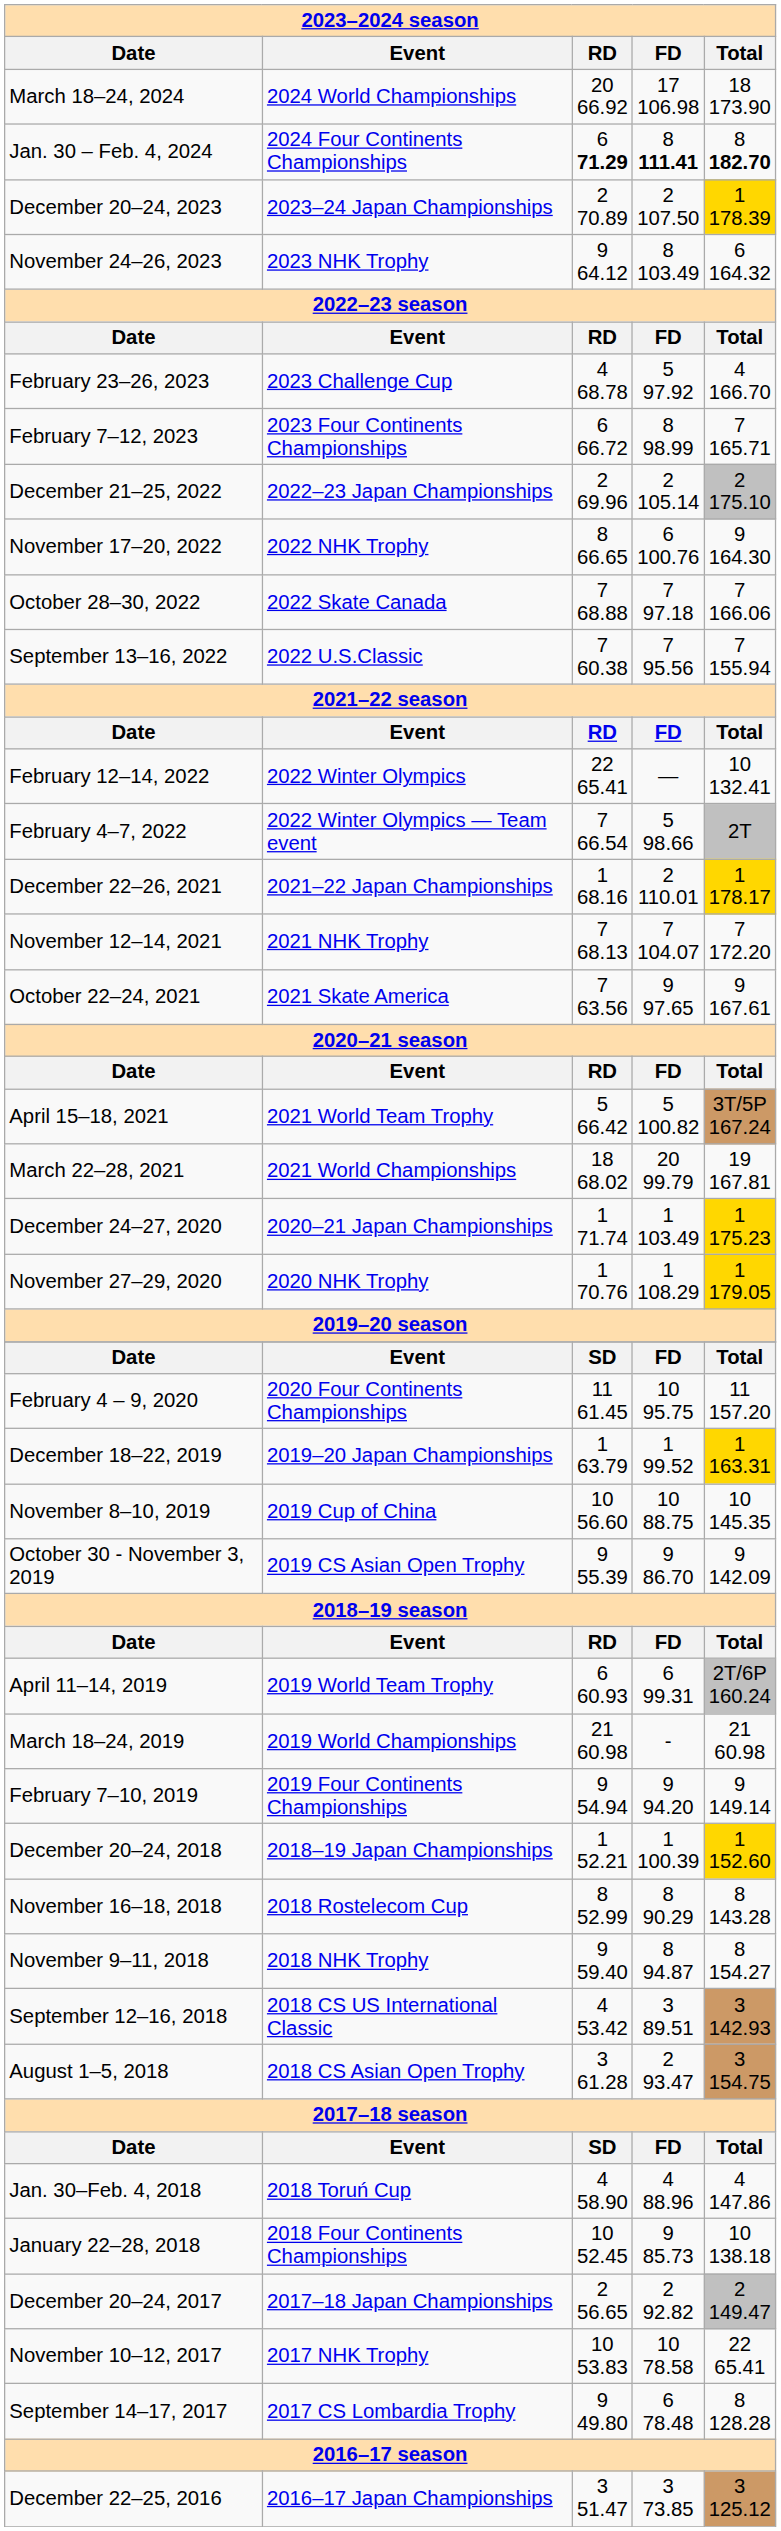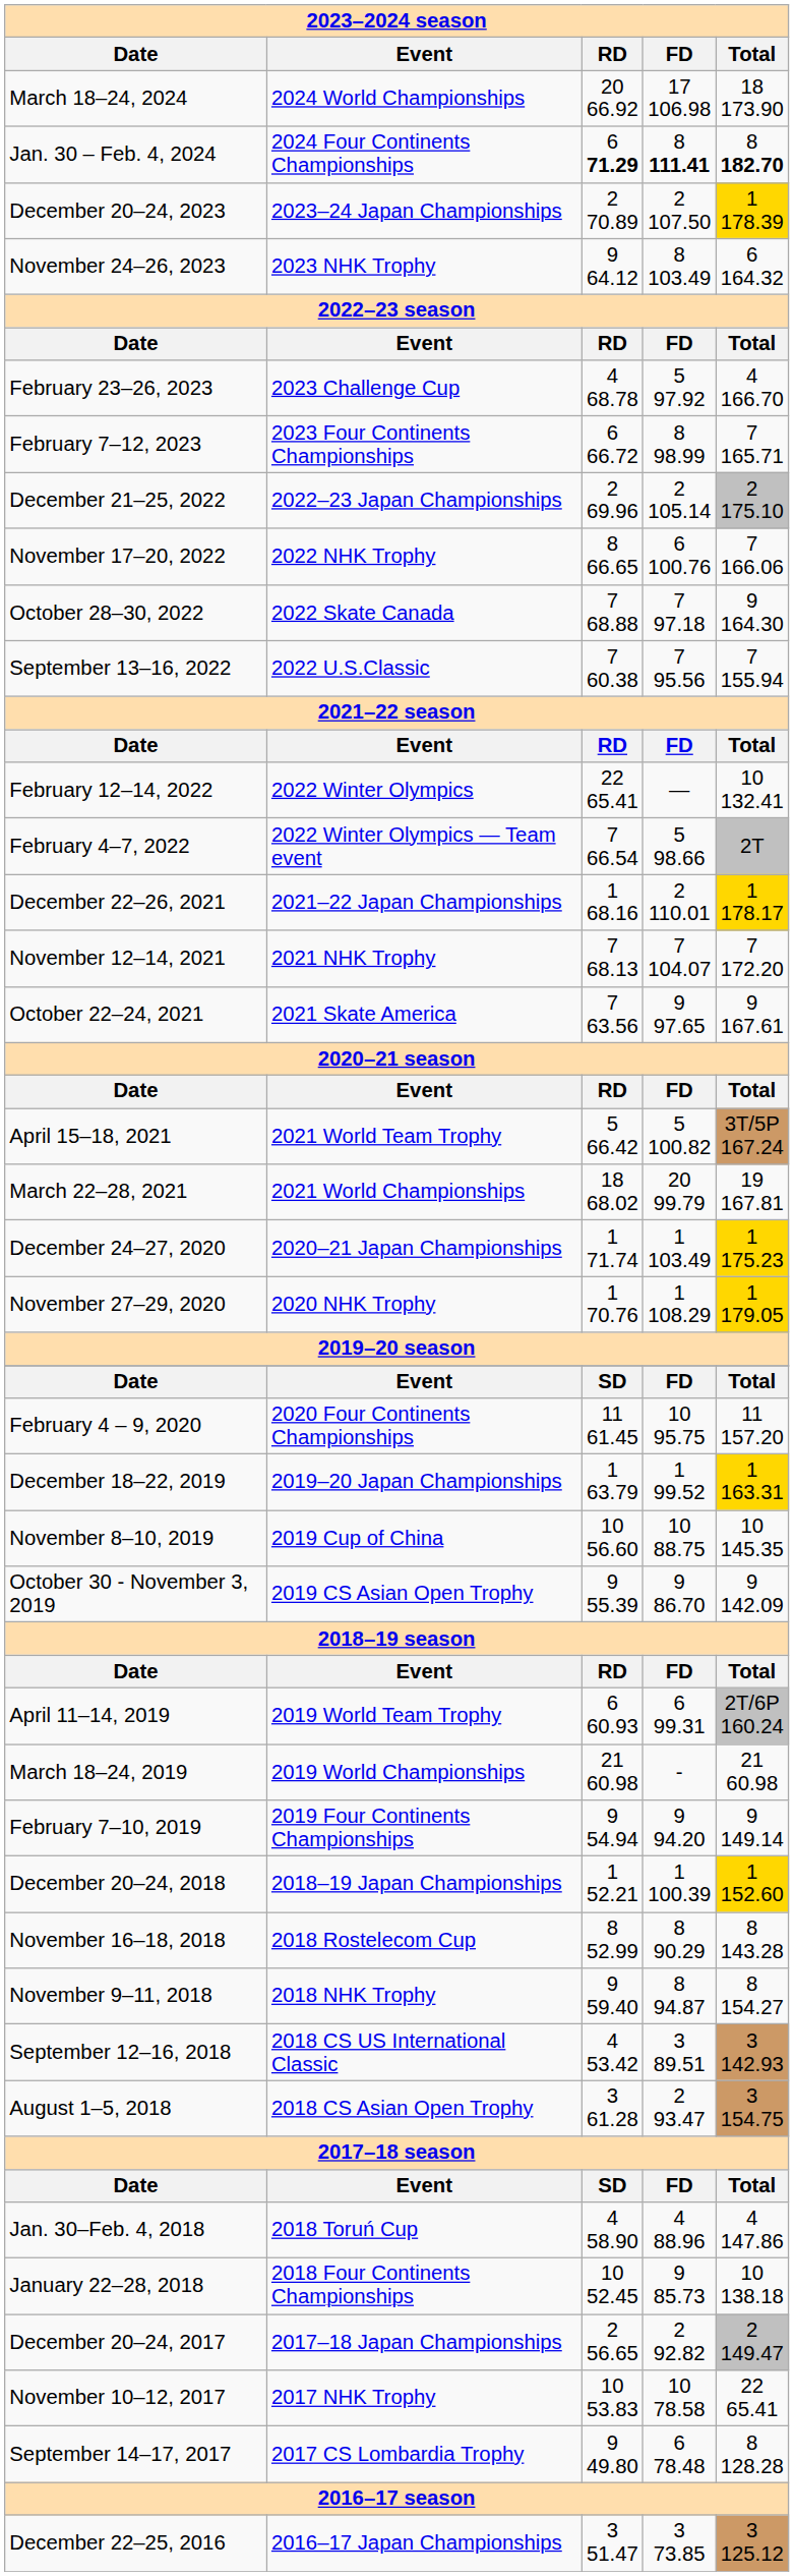 <table class="wikitable">
 <tr>
 <th style="background-color: #ffdead; " colspan=5 align=center><a href='#'><strong>2023–2024 season</strong></a></th>
 </tr>
 <tr>
 <th>Date</th>
 <th>Event</th>
 <th>RD</th>
 <th>FD</th>
 <th>Total</th>
 </tr>
 <tr>
 <td>March 18–24, 2024</td>
 <td><a href='#'>2024 World Championships</a></td>
 <td align=center>20 <br> 66.92</td>
 <td align=center>17 <br> 106.98</td>
 <td align=center>18 <br> 173.90</td>
 </tr>
 <tr>
 <td>Jan. 30 – Feb. 4, 2024</td>
 <td><a href='#'>2024 Four Continents Championships</a></td>
 <td align=center>6 <br> <strong>71.29</strong></td>
 <td align=center>8 <br> <strong>111.41</strong></td>
 <td align=center>8 <br> <strong>182.70</strong></td>
 </tr>
 <tr>
 <td>December 20–24, 2023</td>
 <td><a href='#'>2023–24 Japan Championships</a></td>
 <td align=center>2 <br> 70.89</td>
 <td align=center>2 <br> 107.50</td>
 <td align=center bgcolor=gold>1 <br> 178.39</td>
 </tr>
 <tr>
 <td>November 24–26, 2023</td>
 <td><a href='#'>2023 NHK Trophy</a></td>
 <td align=center>9 <br> 64.12</td>
 <td align=center>8 <br> 103.49</td>
 <td align=center>6 <br> 164.32</td>
 </tr>
 <tr>
 <th style="background-color: #ffdead; " colspan=5 align=center><a href='#'>2022–23 season</a></th>
 </tr>
 <tr>
 <th>Date</th>
 <th>Event</th>
 <th>RD</th>
 <th>FD</th>
 <th>Total</th>
 </tr>
 <tr>
 <td>February 23–26, 2023</td>
 <td><a href='#'>2023 Challenge Cup</a></td>
 <td align=center>4 <br> 68.78</td>
 <td align=center>5 <br> 97.92</td>
 <td align=center>4 <br> 166.70</td>
 </tr>
 <tr>
 <td>February 7–12, 2023</td>
 <td><a href='#'>2023 Four Continents Championships</a></td>
 <td align=center>6 <br> 66.72</td>
 <td align=center>8 <br> 98.99</td>
 <td align=center>7 <br> 165.71</td>
 </tr>
 <tr>
 <td>December 21–25, 2022</td>
 <td><a href='#'>2022–23 Japan Championships</a></td>
 <td align=center>2 <br> 69.96</td>
 <td align=center>2 <br> 105.14</td>
 <td align=center bgcolor=silver>2 <br> 175.10</td>
 </tr>
 <tr>
 <td>November 17–20, 2022</td>
 <td><a href='#'>2022 NHK Trophy</a></td>
 <td align=center>8 <br> 66.65</td>
 <td align=center>6 <br> 100.76</td>
-<td align=center>9 <br> 164.30</td>
+<td align=center>7 <br> 166.06</td>
 </tr>
 <tr>
 <td>October 28–30, 2022</td>
 <td><a href='#'>2022 Skate Canada</a></td>
 <td align=center>7 <br> 68.88</td>
 <td align=center>7 <br> 97.18</td>
-<td align=center>7 <br> 166.06</td>
+<td align=center>9 <br> 164.30</td>
 </tr>
 <tr>
 <td>September 13–16, 2022</td>
 <td><a href='#'>2022 U.S.Classic</a></td>
 <td align=center>7 <br> 60.38</td>
 <td align=center>7 <br> 95.56</td>
 <td align=center>7 <br> 155.94</td>
 </tr>
 <tr>
 <td style="background-color: #ffdead; " colspan=5 align=center><a href='#'><strong>2021–22 season</strong></a></td>
 </tr>
 <tr>
 <th>Date</th>
 <th>Event</th>
 <th><a href='#'>RD</a></th>
 <th><a href='#'>FD</a></th>
 <th>Total</th>
 </tr>
 <tr>
 <td>February 12–14, 2022</td>
 <td><a href='#'>2022 Winter Olympics</a></td>
 <td align=center>22 <br> 65.41</td>
 <td align=center>—</td>
 <td align="center">10 <br> 132.41</td>
 </tr>
 <tr>
 <td>February 4–7, 2022</td>
 <td><a href='#'>2022 Winter Olympics — Team event</a></td>
 <td align=center>7 <br> 66.54</td>
 <td align=center>5 <br>98.66</td>
 <td align=center bgcolor=silver>2T <br></td>
 </tr>
 <tr>
 <td>December 22–26, 2021</td>
 <td><a href='#'>2021–22 Japan Championships</a></td>
 <td align=center>1 <br> 68.16</td>
 <td align=center>2 <br> 110.01</td>
 <td align=center bgcolor=gold>1 <br> 178.17</td>
 </tr>
 <tr>
 <td>November 12–14, 2021</td>
 <td><a href='#'>2021 NHK Trophy</a></td>
 <td align=center>7 <br> 68.13</td>
 <td align=center>7 <br> 104.07</td>
 <td align=center>7 <br> 172.20</td>
 </tr>
 <tr>
 <td>October 22–24, 2021</td>
 <td><a href='#'>2021 Skate America</a></td>
 <td align=center>7 <br> 63.56</td>
 <td align=center>9 <br> 97.65</td>
 <td align=center>9 <br> 167.61</td>
 </tr>
 <tr>
 <th style="background-color: #ffdead; " colspan=6 align=center><a href='#'><strong>2020–21 season</strong></a></th>
 </tr>
 <tr>
 <th>Date</th>
 <th>Event</th>
 <th>RD</th>
 <th>FD</th>
 <th>Total</th>
 </tr>
 <tr>
 <td>April 15–18, 2021</td>
 <td><a href='#'>2021 World Team Trophy</a></td>
 <td align=center>5 <br> 66.42</td>
 <td align=center>5 <br>  100.82</td>
 <td align=center bgcolor=#cc9966>3T/5P <br> 167.24</td>
 </tr>
 <tr>
 <td>March 22–28, 2021</td>
 <td><a href='#'>2021 World Championships</a></td>
 <td align=center>18 <br> 68.02</td>
 <td align=center>20 <br> 99.79</td>
 <td align=center>19 <br> 167.81</td>
 </tr>
 <tr>
 <td>December 24–27, 2020</td>
 <td><a href='#'>2020–21 Japan Championships</a></td>
 <td align=center>1 <br> 71.74</td>
 <td align=center>1 <br> 103.49</td>
 <td align=center bgcolor=gold>1 <br> 175.23</td>
 </tr>
 <tr>
 <td>November 27–29, 2020</td>
 <td><a href='#'>2020 NHK Trophy</a></td>
 <td align=center>1 <br> 70.76</td>
 <td align=center>1 <br> 108.29</td>
 <td align=center bgcolor=gold>1<br> 179.05</td>
 </tr>
 <tr>
 <th style="background-color: #ffdead; " colspan=6 align=center><a href='#'><strong>2019–20 season</strong></a></th>
 </tr>
 <tr>
 </tr>
 <tr>
 <th>Date</th>
 <th>Event</th>
 <th>SD</th>
 <th>FD</th>
 <th>Total</th>
 </tr>
 <tr>
 <td>February 4 – 9, 2020</td>
 <td><a href='#'>2020 Four Continents Championships</a></td>
 <td align=center>11 <br> 61.45</td>
 <td align=center>10 <br> 95.75</td>
 <td align=center>11 <br> 157.20</td>
 </tr>
 <tr>
 <td>December 18–22, 2019</td>
 <td><a href='#'>2019–20 Japan Championships</a></td>
 <td align=center>1 <br> 63.79</td>
 <td align=center>1 <br> 99.52</td>
 <td align=center  bgcolor=gold>1 <br> 163.31</td>
 </tr>
 <tr>
 <td>November 8–10, 2019</td>
 <td><a href='#'>2019 Cup of China</a></td>
 <td align=center>10 <br> 56.60</td>
 <td align=center>10 <br> 88.75</td>
 <td align=center>10 <br> 145.35</td>
 </tr>
 <tr>
 <td>October 30 - November 3, 2019</td>
 <td><a href='#'>2019 CS Asian Open Trophy</a></td>
 <td align=center>9 <br> 55.39</td>
 <td align=center>9 <br> 86.70</td>
 <td align=center>9 <br> 142.09</td>
 </tr>
 <tr>
 <th colspan="5" style="background-color: #ffdead; "><a href='#'>2018–19 season</a></th>
 </tr>
 <tr>
 <th>Date</th>
 <th>Event</th>
 <th>RD</th>
 <th>FD</th>
 <th>Total</th>
 </tr>
 <tr>
 <td>April 11–14, 2019</td>
 <td><a href='#'>2019 World Team Trophy</a></td>
 <td align=center>6 <br> 60.93</td>
 <td align=center>6 <br> 99.31</td>
 <td align=center bgcolor=silver>2T/6P <br> 160.24</td>
 </tr>
 <tr>
 <td>March 18–24, 2019</td>
 <td><a href='#'>2019 World Championships</a></td>
 <td align=center>21 <br> 60.98</td>
 <td align=center>-</td>
 <td align=center>21 <br> 60.98</td>
 </tr>
 <tr>
 <td>February 7–10, 2019</td>
 <td><a href='#'>2019 Four Continents Championships</a></td>
 <td align=center>9 <br> 54.94</td>
 <td align=center>9 <br> 94.20</td>
 <td align=center>9 <br> 149.14</td>
 </tr>
 <tr>
 <td>December 20–24, 2018</td>
 <td><a href='#'>2018–19 Japan Championships</a></td>
 <td align=center>1 <br> 52.21</td>
 <td align=center>1 <br> 100.39</td>
 <td align=center bgcolor=gold>1 <br> 152.60</td>
 </tr>
 <tr>
 <td>November 16–18, 2018</td>
 <td><a href='#'>2018 Rostelecom Cup</a></td>
 <td align="center">8 <br> 52.99</td>
 <td align="center">8 <br> 90.29</td>
 <td align="center">8 <br> 143.28</td>
 </tr>
 <tr>
 <td>November 9–11, 2018</td>
 <td><a href='#'>2018 NHK Trophy</a></td>
 <td align="center">9 <br> 59.40</td>
 <td align="center">8 <br> 94.87</td>
 <td align="center">8 <br> 154.27</td>
 </tr>
 <tr>
 <td>September 12–16, 2018</td>
 <td><a href='#'>2018 CS US International Classic</a></td>
 <td align="center">4 <br> 53.42</td>
 <td align="center">3 <br> 89.51</td>
 <td align="center" bgcolor="cc9966">3 <br> 142.93</td>
 </tr>
 <tr>
 <td>August 1–5, 2018</td>
 <td><a href='#'>2018 CS Asian Open Trophy</a></td>
 <td align="center">3 <br> 61.28</td>
 <td align="center">2 <br> 93.47</td>
 <td align="center" bgcolor="cc9966">3 <br> 154.75</td>
 </tr>
 <tr>
 <th colspan="5" style="background-color: #ffdead; "><a href='#'>2017–18 season</a></th>
 </tr>
 <tr>
 <th>Date</th>
 <th>Event</th>
 <th>SD</th>
 <th>FD</th>
 <th>Total</th>
 </tr>
 <tr>
 <td>Jan. 30–Feb. 4, 2018</td>
 <td><a href='#'>2018 Toruń Cup</a></td>
 <td align="center">4 <br> 58.90</td>
 <td align="center">4 <br> 88.96</td>
 <td align="center">4 <br> 147.86</td>
 </tr>
 <tr>
 <td>January 22–28, 2018</td>
 <td><a href='#'>2018 Four Continents Championships</a></td>
 <td align="center">10 <br> 52.45</td>
 <td align="center">9 <br> 85.73</td>
 <td align="center">10 <br> 138.18</td>
 </tr>
 <tr>
 <td>December 20–24, 2017</td>
 <td><a href='#'>2017–18 Japan Championships</a></td>
 <td align="center">2 <br> 56.65</td>
 <td align="center">2 <br> 92.82</td>
 <td align="center" bgcolor="silver">2 <br> 149.47</td>
 </tr>
 <tr>
 <td>November 10–12, 2017</td>
 <td><a href='#'>2017 NHK Trophy</a></td>
 <td align="center">10 <br> 53.83</td>
 <td align="center">10 <br> 78.58</td>
 <td align=center>22 <br> 65.41</td>
 </tr>
 <tr>
 <td>September 14–17, 2017</td>
 <td><a href='#'>2017 CS Lombardia Trophy</a></td>
 <td align="center">9 <br> 49.80</td>
 <td align="center">6 <br> 78.48</td>
 <td align="center">8 <br> 128.28</td>
 </tr>
 <tr>
 <th colspan="5" style="background-color: #ffdead; "><a href='#'>2016–17 season</a></th>
 </tr>
 <tr>
 <td>December 22–25, 2016</td>
 <td><a href='#'>2016–17 Japan Championships</a></td>
 <td align="center">3 <br> 51.47</td>
 <td align="center">3 <br> 73.85</td>
 <td align="center" bgcolor="cc9966">3 <br> 125.12</td>
 </tr>
 </table>
